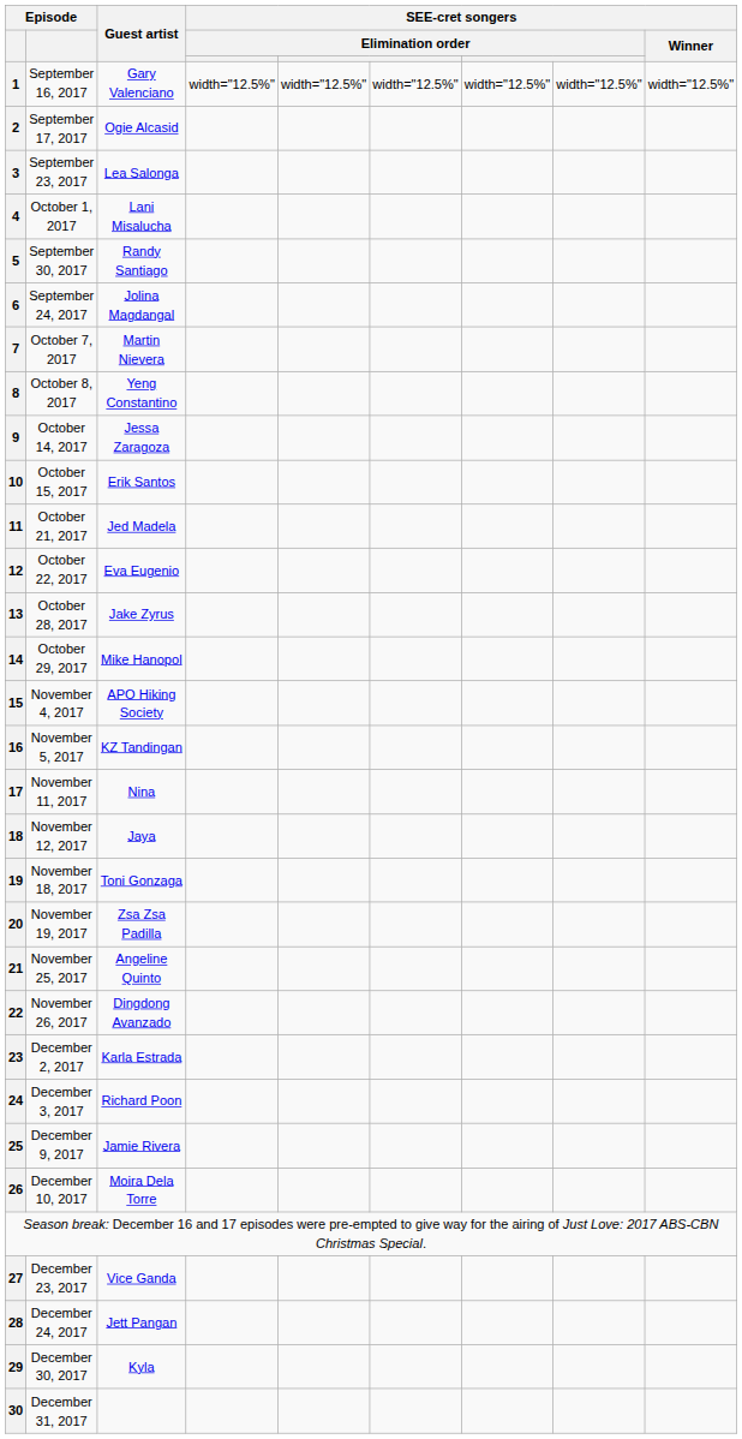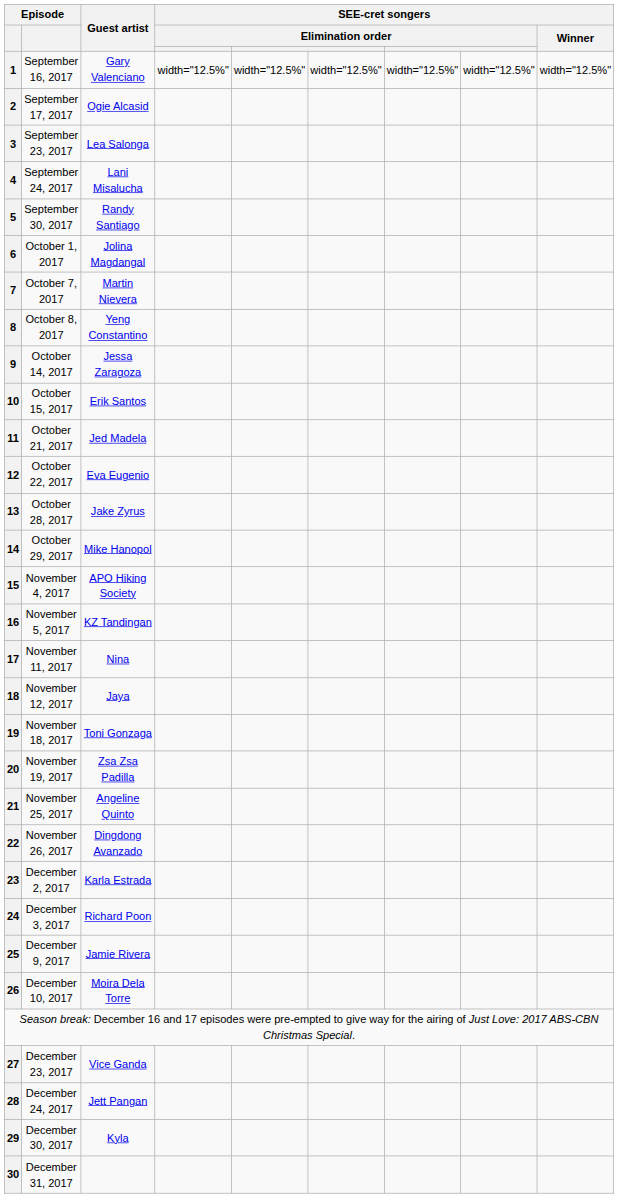 <table class="wikitable plainrowheaders mw-collapsible" style="text-align:center; line-height:23px; width:100%;">
 <tr>
 <th colspan="2" width="1%">Episode</th>
 <th rowspan="3" width="12.5%">Guest artist</th>
 <th colspan="6">SEE-cret songers<br></th>
 </tr>
 <tr>
 <th rowspan="2"></th>
 <th rowspan="2"></th>
 <th colspan="5">Elimination order</th>
 <th rowspan="2">Winner</th>
 </tr>
 <tr>
 <th></th>
 <th colspan="2"></th>
 <th colspan="2"></th>
 </tr>
 <tr>
 <th>1</th>
 <td>September 16, 2017</td>
 <td><a href='#'>Gary Valenciano</a></td>
 <td>width="12.5%" </td>
 <td>width="12.5%" </td>
 <td>width="12.5%" </td>
 <td>width="12.5%" </td>
 <td>width="12.5%" </td>
 <td>width="12.5%" </td>
 </tr>
 <tr>
 <th>2</th>
 <td>September 17, 2017</td>
 <td><a href='#'>Ogie Alcasid</a></td>
 <td></td>
 <td></td>
 <td></td>
 <td></td>
 <td></td>
 <td></td>
 </tr>
 <tr>
 <th>3</th>
 <td>September 23, 2017</td>
 <td><a href='#'>Lea Salonga</a></td>
 <td></td>
 <td></td>
 <td></td>
 <td></td>
 <td></td>
 <td></td>
 </tr>
 <tr>
 <th>4</th>
-<td>October 1, 2017</td>
+<td>September 24, 2017</td>
 <td><a href='#'>Lani Misalucha</a></td>
 <td></td>
 <td></td>
 <td></td>
 <td></td>
 <td></td>
 <td></td>
 </tr>
 <tr>
 <th>5</th>
 <td>September 30, 2017</td>
 <td><a href='#'>Randy Santiago</a></td>
 <td></td>
 <td></td>
 <td></td>
 <td></td>
 <td></td>
 <td></td>
 </tr>
 <tr>
 <th>6</th>
-<td>September 24, 2017</td>
+<td>October 1, 2017</td>
 <td><a href='#'>Jolina Magdangal</a></td>
 <td></td>
 <td></td>
 <td></td>
 <td></td>
 <td></td>
 <td></td>
 </tr>
 <tr>
 <th>7</th>
 <td>October 7, 2017</td>
 <td><a href='#'>Martin Nievera</a></td>
 <td></td>
 <td></td>
 <td></td>
 <td></td>
 <td></td>
 <td></td>
 </tr>
 <tr>
 <th>8</th>
 <td>October 8, 2017</td>
 <td><a href='#'>Yeng Constantino</a></td>
 <td></td>
 <td></td>
 <td></td>
 <td></td>
 <td></td>
 <td></td>
 </tr>
 <tr>
 <th>9</th>
 <td>October 14, 2017</td>
 <td><a href='#'>Jessa Zaragoza</a></td>
 <td></td>
 <td></td>
 <td></td>
 <td></td>
 <td></td>
 <td></td>
 </tr>
 <tr>
 <th>10</th>
 <td>October 15, 2017</td>
 <td><a href='#'>Erik Santos</a></td>
 <td></td>
 <td></td>
 <td></td>
 <td></td>
 <td></td>
 <td></td>
 </tr>
 <tr>
 <th>11</th>
 <td>October 21, 2017</td>
 <td><a href='#'>Jed Madela</a></td>
 <td></td>
 <td></td>
 <td></td>
 <td></td>
 <td></td>
 <td></td>
 </tr>
 <tr>
 <th>12</th>
 <td>October 22, 2017</td>
 <td><a href='#'>Eva Eugenio</a><br></td>
 <td></td>
 <td></td>
 <td></td>
 <td></td>
 <td></td>
 <td></td>
 </tr>
 <tr>
 <th>13</th>
 <td>October 28, 2017</td>
 <td><a href='#'>Jake Zyrus</a></td>
 <td></td>
 <td></td>
 <td></td>
 <td></td>
 <td></td>
 <td></td>
 </tr>
 <tr>
 <th>14</th>
 <td>October 29, 2017</td>
 <td><a href='#'>Mike Hanopol</a><br></td>
 <td></td>
 <td></td>
 <td></td>
 <td></td>
 <td></td>
 <td></td>
 </tr>
 <tr>
 <th>15</th>
 <td>November 4, 2017</td>
 <td><a href='#'>APO Hiking Society</a></td>
 <td></td>
 <td></td>
 <td></td>
 <td></td>
 <td></td>
 <td></td>
 </tr>
 <tr>
 <th>16</th>
 <td>November 5, 2017</td>
 <td><a href='#'>KZ Tandingan</a></td>
 <td></td>
 <td></td>
 <td></td>
 <td></td>
 <td></td>
 <td></td>
 </tr>
 <tr>
 <th>17</th>
 <td>November 11, 2017</td>
 <td><a href='#'>Nina</a></td>
 <td></td>
 <td></td>
 <td></td>
 <td></td>
 <td></td>
 <td></td>
 </tr>
 <tr>
 <th>18</th>
 <td>November 12, 2017</td>
 <td><a href='#'>Jaya</a></td>
 <td></td>
 <td></td>
 <td></td>
 <td></td>
 <td></td>
 <td></td>
 </tr>
 <tr>
 <th>19</th>
 <td>November 18, 2017</td>
 <td><a href='#'>Toni Gonzaga</a></td>
 <td></td>
 <td></td>
 <td></td>
 <td></td>
 <td></td>
 <td></td>
 </tr>
 <tr>
 <th>20</th>
 <td>November 19, 2017</td>
 <td><a href='#'>Zsa Zsa Padilla</a></td>
 <td></td>
 <td></td>
 <td></td>
 <td></td>
 <td></td>
 <td></td>
 </tr>
 <tr>
 <th>21</th>
 <td>November 25, 2017</td>
 <td><a href='#'>Angeline Quinto</a></td>
 <td></td>
 <td></td>
 <td></td>
 <td></td>
 <td></td>
 <td></td>
 </tr>
 <tr>
 <th>22</th>
 <td>November 26, 2017</td>
 <td><a href='#'>Dingdong Avanzado</a></td>
 <td></td>
 <td></td>
 <td></td>
 <td></td>
 <td></td>
 <td></td>
 </tr>
 <tr>
 <th>23</th>
 <td>December 2, 2017</td>
 <td><a href='#'>Karla Estrada</a></td>
 <td></td>
 <td></td>
 <td></td>
 <td></td>
 <td></td>
 <td></td>
 </tr>
 <tr>
 <th>24</th>
 <td>December 3, 2017</td>
 <td><a href='#'>Richard Poon</a></td>
 <td></td>
 <td></td>
 <td></td>
 <td></td>
 <td></td>
 <td></td>
 </tr>
 <tr>
 <th>25</th>
 <td>December 9, 2017</td>
 <td><a href='#'>Jamie Rivera</a></td>
 <td></td>
 <td></td>
 <td></td>
 <td></td>
 <td></td>
 <td></td>
 </tr>
 <tr>
 <th>26</th>
 <td>December 10, 2017</td>
 <td><a href='#'>Moira Dela Torre</a></td>
 <td></td>
 <td></td>
 <td></td>
 <td></td>
 <td></td>
 <td></td>
 </tr>
 <tr>
 <td colspan="9"><em>Season break:</em> December 16 and 17 episodes were pre-empted to give way for the airing of <em>Just Love: 2017 ABS-CBN Christmas Special</em>.</td>
 </tr>
 <tr>
 <th>27</th>
 <td>December 23, 2017</td>
 <td><a href='#'>Vice Ganda</a></td>
 <td></td>
 <td></td>
 <td></td>
 <td></td>
 <td></td>
 <td></td>
 </tr>
 <tr>
 <th>28</th>
 <td>December 24, 2017</td>
 <td><a href='#'>Jett Pangan</a><br></td>
 <td></td>
 <td></td>
 <td></td>
 <td></td>
 <td></td>
 <td></td>
 </tr>
 <tr>
 <th>29</th>
 <td>December 30, 2017</td>
 <td><a href='#'>Kyla</a></td>
 <td></td>
 <td></td>
 <td></td>
 <td></td>
 <td></td>
 <td></td>
 </tr>
 <tr>
 <th>30</th>
 <td>December 31, 2017</td>
 <td></td>
 <td></td>
 <td></td>
 <td></td>
 <td></td>
 <td></td>
 <td></td>
 </tr>
 </table>
